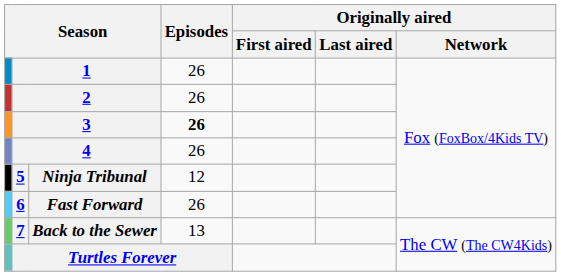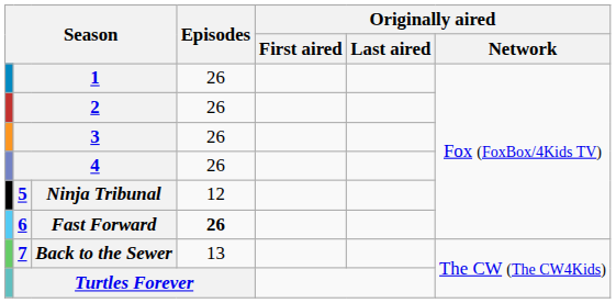 <table class="wikitable plainrowheaders" style="text-align: center">
 <tr>
 <th colspan="3" rowspan="2">Season</th>
 <th rowspan="2">Episodes</th>
 <th colspan="3">Originally aired</th>
 </tr>
 <tr>
 <th>First aired</th>
 <th>Last aired</th>
 <th>Network</th>
 </tr>
 <tr>
 <td style="background:#0289C1"></td>
 <th scope="row" style=text-align:center colspan="2"><a href='#'>1</a></th>
 <td>26</td>
 <td></td>
 <td></td>
 <td rowspan=6><a href='#'>Fox</a> <small>(<a href='#'>FoxBox/4Kids TV</a>)</small></td>
 </tr>
 <tr>
 <td style="background:#C3322F"></td>
 <th scope="row" style=text-align:center colspan=2><a href='#'>2</a></th>
 <td>26</td>
 <td></td>
 <td></td>
 </tr>
 <tr>
 <td style="background:#FD9620"></td>
 <th scope="row" style=text-align:center colspan=2><a href='#'>3</a></th>
-<td><strong>26</strong></td>
+<td>26</td>
 <td></td>
 <td></td>
 </tr>
 <tr>
 <td style="background:#7382C5"></td>
 <th scope="row" style=text-align:center colspan=2><a href='#'>4</a></th>
 <td>26</td>
 <td></td>
 <td></td>
 </tr>
 <tr>
 <td style="background:#000000"></td>
 <th scope="row" style=text-align:center><a href='#'>5</a></th>
 <th scope="row" style=text-align:center><em>Ninja Tribunal</em></th>
 <td>12</td>
 <td></td>
 <td></td>
 </tr>
 <tr>
 <td style="background:#52CBF5"></td>
 <th scope="row" style=text-align:center><a href='#'>6</a></th>
 <th scope="row" style=text-align:center><em>Fast Forward</em></th>
-<td>26</td>
+<td><strong>26</strong></td>
 <td></td>
 <td></td>
 </tr>
 <tr>
 <td style="background:#66CC66"></td>
 <th scope="row" style=text-align:center><a href='#'>7</a></th>
 <th scope="row" style=text-align:center><em>Back to the Sewer</em></th>
 <td>13</td>
 <td></td>
 <td></td>
 <td rowspan=3><a href='#'>The CW</a> <small>(<a href='#'>The CW4Kids</a>)</small></td>
 </tr>
 <tr>
 <td style="background:#60BFBF"></td>
 <th scope="row" style=text-align:center colspan="3"><em><a href='#'>Turtles Forever</a></em></th>
 <td colspan=2></td>
 </tr>
 </table>
